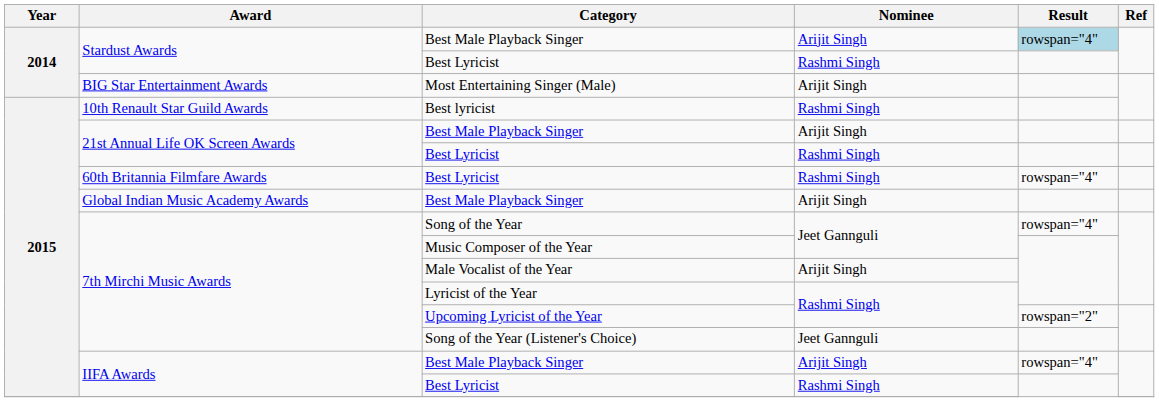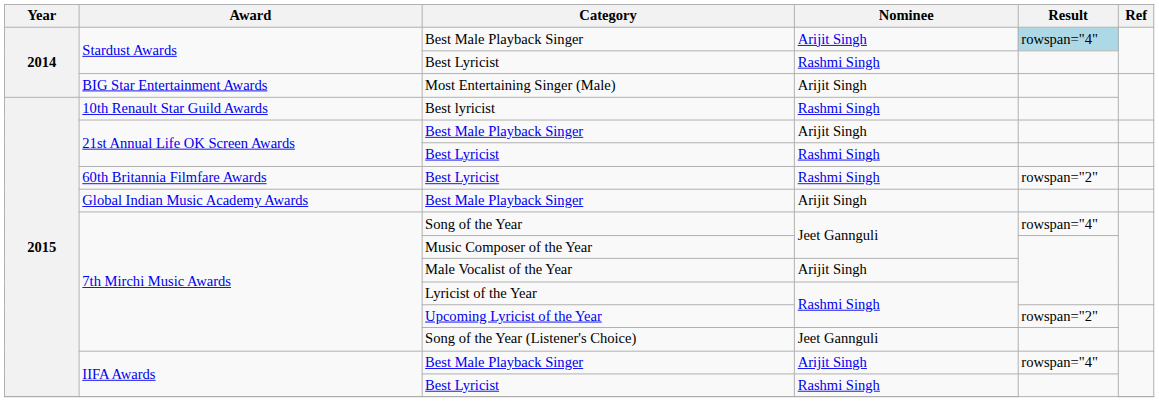 <table class="wikitable plainrowheaders" width="100%" textcolor:#000;">
 <tr>
 <th width=5%>Year</th>
 <th width=23%>Award</th>
 <th width=25%>Category</th>
 <th width=15%>Nominee</th>
 <th width=5%>Result</th>
 <th width=2%>Ref</th>
 </tr>
 <tr>
 <th scope="row" rowspan="3">2014</th>
 <td rowspan="2"><a href='#'>Stardust Awards</a></td>
 <td>Best Male Playback Singer</td>
 <td><a href='#'>Arijit Singh</a></td>
 <td style="background: lightblue;">rowspan="4" </td>
 <td rowspan="2"></td>
 </tr>
 <tr>
 <td>Best Lyricist</td>
 <td><a href='#'>Rashmi Singh</a></td>
 </tr>
 <tr>
 <td><a href='#'>BIG Star Entertainment Awards</a></td>
 <td>Most Entertaining Singer (Male)</td>
 <td>Arijit Singh</td>
 <td></td>
 </tr>
 <tr>
 <th scope="row" rowspan="13">2015</th>
 <td><a href='#'>10th Renault Star Guild Awards</a></td>
 <td>Best lyricist</td>
 <td><a href='#'>Rashmi Singh</a></td>
 <td></td>
 </tr>
 <tr>
 <td rowspan="2"><a href='#'>21st Annual Life OK Screen Awards</a></td>
 <td><a href='#'>Best Male Playback Singer</a></td>
 <td>Arijit Singh</td>
 <td></td>
 <td></td>
 </tr>
 <tr>
 <td><a href='#'>Best Lyricist</a></td>
 <td><a href='#'>Rashmi Singh</a></td>
 <td></td>
 <td></td>
 </tr>
 <tr>
 <td><a href='#'>60th Britannia Filmfare Awards</a></td>
 <td><a href='#'>Best Lyricist</a></td>
 <td><a href='#'>Rashmi Singh</a></td>
-<td>rowspan="4" </td>
+<td>rowspan="2" </td>
 <td></td>
 </tr>
 <tr>
 <td><a href='#'>Global Indian Music Academy Awards</a></td>
 <td><a href='#'>Best Male Playback Singer</a></td>
 <td>Arijit Singh</td>
 <td></td>
 </tr>
 <tr>
 <td rowspan="6"><a href='#'>7th Mirchi Music Awards</a></td>
 <td>Song of the Year</td>
 <td rowspan="2">Jeet Gannguli</td>
 <td>rowspan="4" </td>
 <td rowspan="4"></td>
 </tr>
 <tr>
 <td>Music Composer of the Year</td>
 </tr>
 <tr>
 <td>Male Vocalist of the Year</td>
 <td>Arijit Singh</td>
 </tr>
 <tr>
 <td>Lyricist of the Year</td>
 <td rowspan="2"><a href='#'>Rashmi Singh</a></td>
 </tr>
 <tr>
 <td><a href='#'>Upcoming Lyricist of the Year</a></td>
 <td>rowspan="2" </td>
 <td rowspan="2"></td>
 </tr>
 <tr>
 <td>Song of the Year (Listener's Choice)</td>
 <td>Jeet Gannguli</td>
 </tr>
 <tr>
 <td rowspan="2"><a href='#'>IIFA Awards</a></td>
 <td><a href='#'>Best Male Playback Singer</a></td>
 <td><a href='#'>Arijit Singh</a></td>
 <td>rowspan="4" </td>
 <td rowspan="2"></td>
 </tr>
 <tr>
 <td><a href='#'>Best Lyricist</a></td>
 <td><a href='#'>Rashmi Singh</a></td>
 </tr>
 <tr>
 </tr>
 </table>
